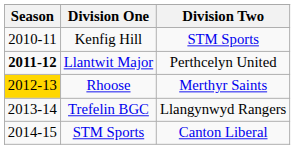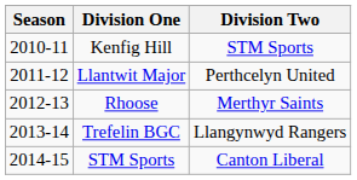 <table class="wikitable" style="text-align: center">
 <tr>
 </tr>
 <tr>
 <th>Season</th>
 <th>Division One</th>
 <th>Division Two</th>
 </tr>
 <tr>
 <td>2010-11</td>
 <td>Kenfig Hill</td>
 <td><a href='#'>STM Sports</a></td>
 </tr>
 <tr>
-<td><strong>2011-12</strong></td>
+<td>2011-12</td>
 <td><a href='#'>Llantwit Major</a></td>
 <td>Perthcelyn United</td>
 </tr>
 <tr>
-<td style="background: gold;">2012-13</td>
+<td>2012-13</td>
 <td><a href='#'>Rhoose</a></td>
 <td><a href='#'>Merthyr Saints</a></td>
 </tr>
 <tr>
 <td>2013-14</td>
 <td><a href='#'>Trefelin BGC</a></td>
 <td>Llangynwyd Rangers</td>
 </tr>
 <tr>
 <td>2014-15</td>
 <td><a href='#'>STM Sports</a></td>
 <td><a href='#'>Canton Liberal</a></td>
 </tr>
 </table>
